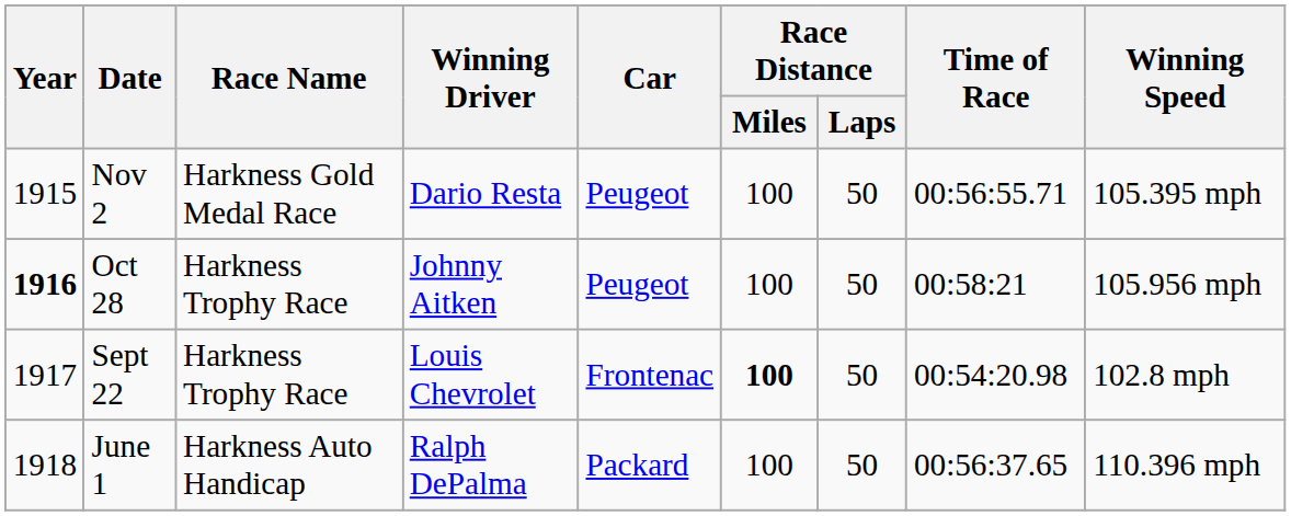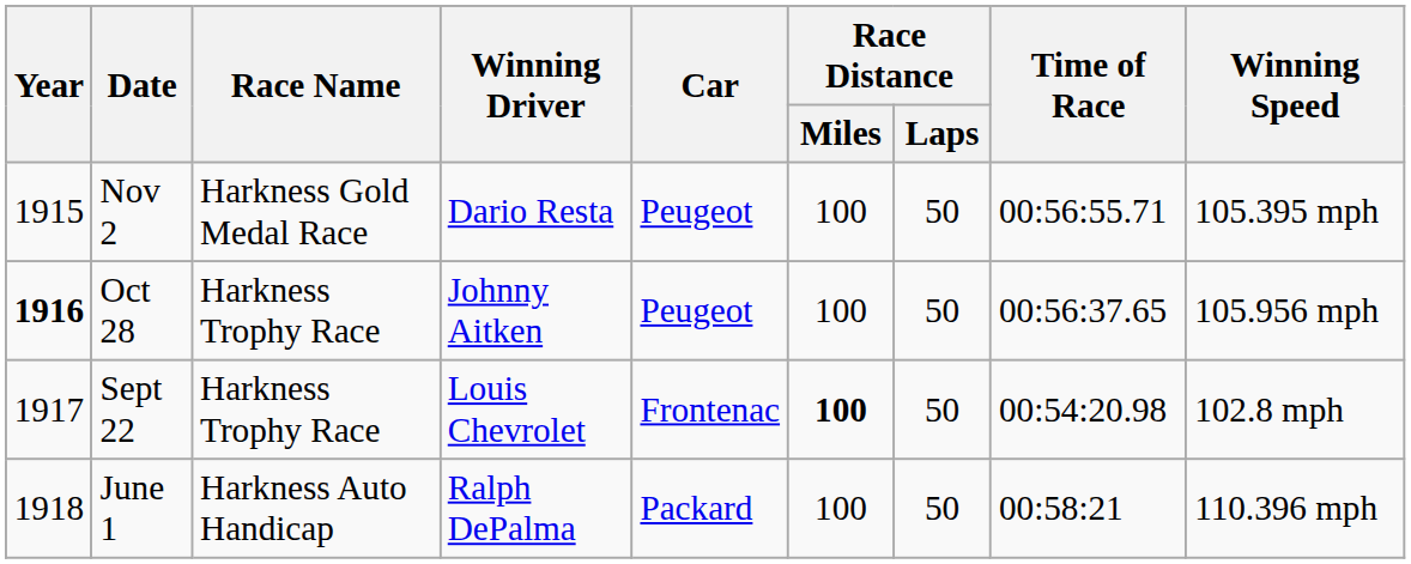 <table class="wikitable" style="font-size: 95%;">
 <tr>
 <th rowspan="2">Year</th>
 <th rowspan="2">Date</th>
 <th rowspan="2">Race Name</th>
 <th rowspan="2">Winning Driver</th>
 <th rowspan="2">Car</th>
 <th colspan="2">Race Distance</th>
 <th rowspan="2">Time of Race</th>
 <th rowspan="2">Winning Speed</th>
 </tr>
 <tr>
 <th>Miles</th>
 <th>Laps</th>
 </tr>
 <tr>
 <td>1915</td>
 <td>Nov 2</td>
 <td>Harkness Gold Medal Race</td>
 <td> <a href='#'>Dario Resta</a></td>
 <td><a href='#'>Peugeot</a></td>
 <td align="center">100</td>
 <td align="center">50</td>
 <td>00:56:55.71</td>
 <td>105.395 mph</td>
 </tr>
 <tr>
 <td><strong>1916</strong></td>
 <td>Oct 28</td>
 <td>Harkness Trophy Race</td>
 <td> <a href='#'>Johnny Aitken</a></td>
 <td><a href='#'>Peugeot</a></td>
 <td align="center">100</td>
 <td align="center">50</td>
-<td>00:58:21</td>
+<td>00:56:37.65</td>
 <td>105.956 mph</td>
 </tr>
 <tr>
 <td>1917</td>
 <td>Sept 22</td>
 <td>Harkness Trophy Race</td>
 <td> <a href='#'>Louis Chevrolet</a></td>
 <td><a href='#'>Frontenac</a></td>
 <td align="center"><strong>100</strong></td>
 <td align="center">50</td>
 <td>00:54:20.98</td>
 <td>102.8 mph</td>
 </tr>
 <tr>
 <td>1918</td>
 <td>June 1</td>
 <td>Harkness Auto Handicap</td>
 <td> <a href='#'>Ralph DePalma</a></td>
 <td><a href='#'>Packard</a></td>
 <td align="center">100</td>
 <td align="center">50</td>
-<td>00:56:37.65</td>
+<td>00:58:21</td>
 <td>110.396 mph</td>
 </tr>
 </table>
